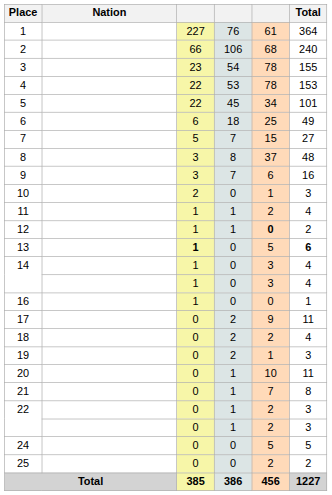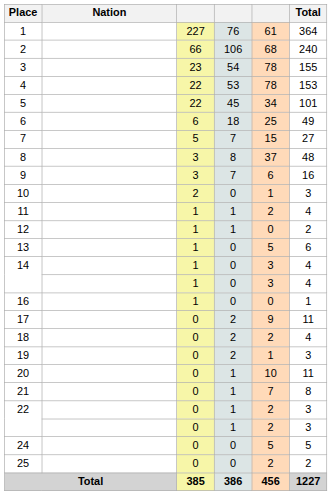 <table class=wikitable style="border:1px solid #AAAAAA;font-size:105%">
 <tr bgcolor="#EFEFEF">
 <th width=50>Place</th>
 <th width=200>Nation</th>
 <th width=50></th>
 <th width=50></th>
 <th width=50></th>
 <th width=50>Total</th>
 </tr>
 <tr align="center" valign="top" bgcolor="#FFFFFF">
 <td>1</td>
 <td align="left"></td>
 <td style="background:#F7F6A8;">227</td>
 <td style="background:#DCE5E5;">76</td>
 <td style="background:#FFDAB9;">61</td>
 <td>364</td>
 </tr>
 <tr align="center" valign="top" bgcolor="#FFFFFF">
 <td>2</td>
 <td align="left"></td>
 <td style="background:#F7F6A8;">66</td>
 <td style="background:#DCE5E5;">106</td>
 <td style="background:#FFDAB9;">68</td>
 <td>240</td>
 </tr>
 <tr align="center" valign="top" bgcolor="#FFFFFF">
 <td>3</td>
 <td align="left"></td>
 <td style="background:#F7F6A8;">23</td>
 <td style="background:#DCE5E5;">54</td>
 <td style="background:#FFDAB9;">78</td>
 <td>155</td>
 </tr>
 <tr align="center" valign="top" bgcolor="#FFFFFF">
 <td>4</td>
 <td align="left"></td>
 <td style="background:#F7F6A8;">22</td>
 <td style="background:#DCE5E5;">53</td>
 <td style="background:#FFDAB9;">78</td>
 <td>153</td>
 </tr>
 <tr align="center" valign="top" bgcolor="#FFFFFF">
 <td>5</td>
 <td align="left"></td>
 <td style="background:#F7F6A8;">22</td>
 <td style="background:#DCE5E5;">45</td>
 <td style="background:#FFDAB9;">34</td>
 <td>101</td>
 </tr>
 <tr align="center" valign="top" bgcolor="#FFFFFF">
 <td>6</td>
 <td align="left"></td>
 <td style="background:#F7F6A8;">6</td>
 <td style="background:#DCE5E5;">18</td>
 <td style="background:#FFDAB9;">25</td>
 <td>49</td>
 </tr>
 <tr align="center" valign="top" bgcolor="#FFFFFF">
 <td>7</td>
 <td align="left"></td>
 <td style="background:#F7F6A8;">5</td>
 <td style="background:#DCE5E5;">7</td>
 <td style="background:#FFDAB9;">15</td>
 <td>27</td>
 </tr>
 <tr align="center" valign="top" bgcolor="#FFFFFF">
 <td>8</td>
 <td align="left"></td>
 <td style="background:#F7F6A8;">3</td>
 <td style="background:#DCE5E5;">8</td>
 <td style="background:#FFDAB9;">37</td>
 <td>48</td>
 </tr>
 <tr align="center" valign="top" bgcolor="#FFFFFF">
 <td>9</td>
 <td align="left"></td>
 <td style="background:#F7F6A8;">3</td>
 <td style="background:#DCE5E5;">7</td>
 <td style="background:#FFDAB9;">6</td>
 <td>16</td>
 </tr>
 <tr align="center" valign="top" bgcolor="#FFFFFF">
 <td>10</td>
 <td align="left"></td>
 <td style="background:#F7F6A8;">2</td>
 <td style="background:#DCE5E5;">0</td>
 <td style="background:#FFDAB9;">1</td>
 <td>3</td>
 </tr>
 <tr align="center" valign="top" bgcolor="#FFFFFF">
 <td>11</td>
 <td align="left"></td>
 <td style="background:#F7F6A8;">1</td>
 <td style="background:#DCE5E5;">1</td>
 <td style="background:#FFDAB9;">2</td>
 <td>4</td>
 </tr>
 <tr align="center" valign="top" bgcolor="#FFFFFF">
 <td>12</td>
 <td align="left"></td>
 <td style="background:#F7F6A8;">1</td>
 <td style="background:#DCE5E5;">1</td>
-<td style="background:#FFDAB9;"><strong>0</strong></td>
+<td style="background:#FFDAB9;">0</td>
 <td>2</td>
 </tr>
 <tr align="center" valign="top" bgcolor="#FFFFFF">
 <td>13</td>
 <td align="left"></td>
-<td style="background:#F7F6A8;"><strong>1</strong></td>
+<td style="background:#F7F6A8;">1</td>
 <td style="background:#DCE5E5;">0</td>
 <td style="background:#FFDAB9;">5</td>
-<td><strong>6</strong></td>
+<td>6</td>
 </tr>
 <tr align="center" valign="top" bgcolor="#FFFFFF">
 <td rowspan="2" valign="center">14</td>
 <td align="left"></td>
 <td style="background:#F7F6A8;">1</td>
 <td style="background:#DCE5E5;">0</td>
 <td style="background:#FFDAB9;">3</td>
 <td>4</td>
 </tr>
 <tr align="center" valign="top" bgcolor="#FFFFFF">
 <td align="left"></td>
 <td style="background:#F7F6A8;">1</td>
 <td style="background:#DCE5E5;">0</td>
 <td style="background:#FFDAB9;">3</td>
 <td>4</td>
 </tr>
 <tr align="center" valign="top" bgcolor="#FFFFFF">
 <td>16</td>
 <td align="left"></td>
 <td style="background:#F7F6A8;">1</td>
 <td style="background:#DCE5E5;">0</td>
 <td style="background:#FFDAB9;">0</td>
 <td>1</td>
 </tr>
 <tr align="center" valign="top" bgcolor="#FFFFFF">
 <td>17</td>
 <td align="left"></td>
 <td style="background:#F7F6A8;">0</td>
 <td style="background:#DCE5E5;">2</td>
 <td style="background:#FFDAB9;">9</td>
 <td>11</td>
 </tr>
 <tr align="center" valign="top" bgcolor="#FFFFFF">
 <td>18</td>
 <td align="left"></td>
 <td style="background:#F7F6A8;">0</td>
 <td style="background:#DCE5E5;">2</td>
 <td style="background:#FFDAB9;">2</td>
 <td>4</td>
 </tr>
 <tr align="center" valign="top" bgcolor="#FFFFFF">
 <td>19</td>
 <td align="left"></td>
 <td style="background:#F7F6A8;">0</td>
 <td style="background:#DCE5E5;">2</td>
 <td style="background:#FFDAB9;">1</td>
 <td>3</td>
 </tr>
 <tr align="center" valign="top" bgcolor="#FFFFFF">
 <td>20</td>
 <td align="left"></td>
 <td style="background:#F7F6A8;">0</td>
 <td style="background:#DCE5E5;">1</td>
 <td style="background:#FFDAB9;">10</td>
 <td>11</td>
 </tr>
 <tr align="center" valign="top" bgcolor="#FFFFFF">
 <td>21</td>
 <td align="left"></td>
 <td style="background:#F7F6A8;">0</td>
 <td style="background:#DCE5E5;">1</td>
 <td style="background:#FFDAB9;">7</td>
 <td>8</td>
 </tr>
 <tr align="center" valign="top" bgcolor="#FFFFFF">
 <td rowspan="2" valign="center">22</td>
 <td align="left"></td>
 <td style="background:#F7F6A8;">0</td>
 <td style="background:#DCE5E5;">1</td>
 <td style="background:#FFDAB9;">2</td>
 <td>3</td>
 </tr>
 <tr align="center" valign="top" bgcolor="#FFFFFF">
 <td align="left"></td>
 <td style="background:#F7F6A8;">0</td>
 <td style="background:#DCE5E5;">1</td>
 <td style="background:#FFDAB9;">2</td>
 <td>3</td>
 </tr>
 <tr align="center" valign="top" bgcolor="#FFFFFF">
 <td>24</td>
 <td align="left"></td>
 <td style="background:#F7F6A8;">0</td>
 <td style="background:#DCE5E5;">0</td>
 <td style="background:#FFDAB9;">5</td>
 <td>5</td>
 </tr>
 <tr align="center" valign="top" bgcolor="#FFFFFF">
 <td>25</td>
 <td align="left"></td>
 <td style="background:#F7F6A8;">0</td>
 <td style="background:#DCE5E5;">0</td>
 <td style="background:#FFDAB9;">2</td>
 <td>2</td>
 </tr>
 <tr align="center">
 <td colspan="2" bgcolor=D3D3D3><strong>Total</strong></td>
 <td style="background:#F7F6A8;"><strong>385</strong></td>
 <td style="background:#DCE5E5;"><strong>386</strong></td>
 <td style="background:#FFDAB9;"><strong>456</strong></td>
 <td bgcolor=D3D3D3><strong>1227</strong></td>
 </tr>
 </table>
